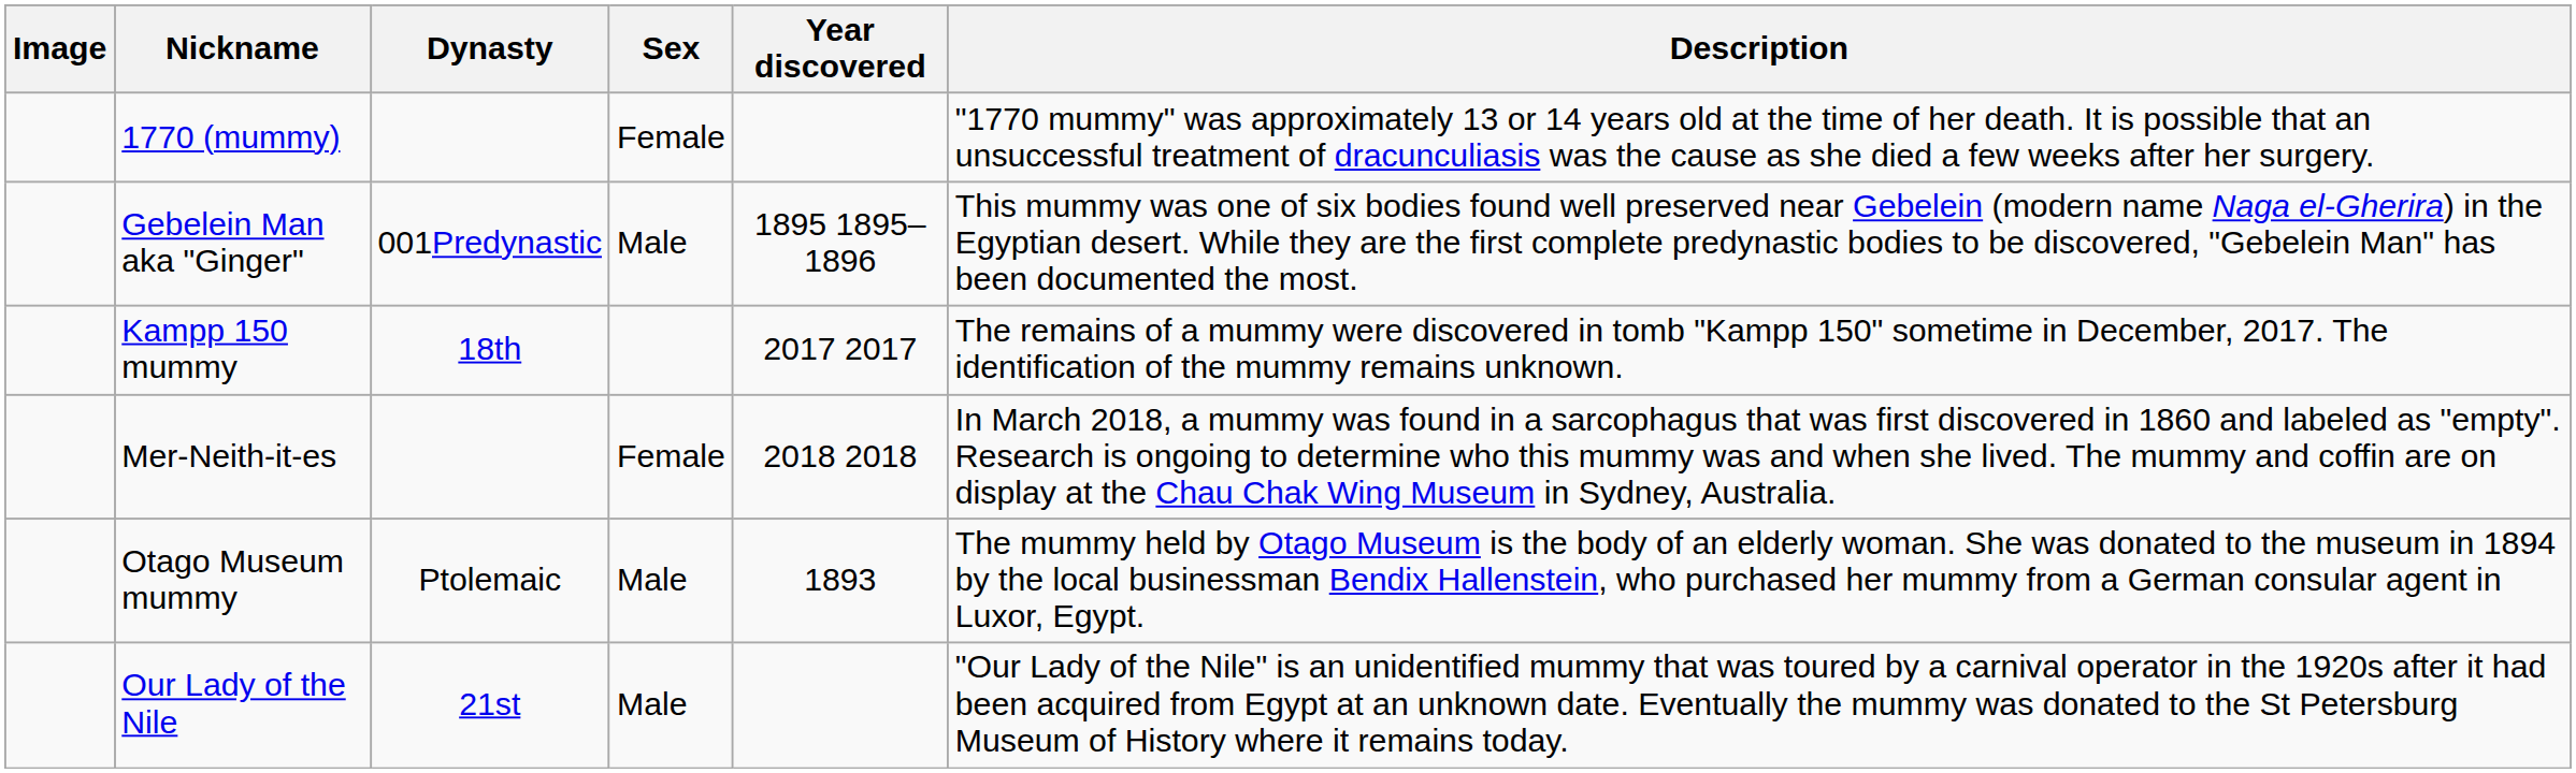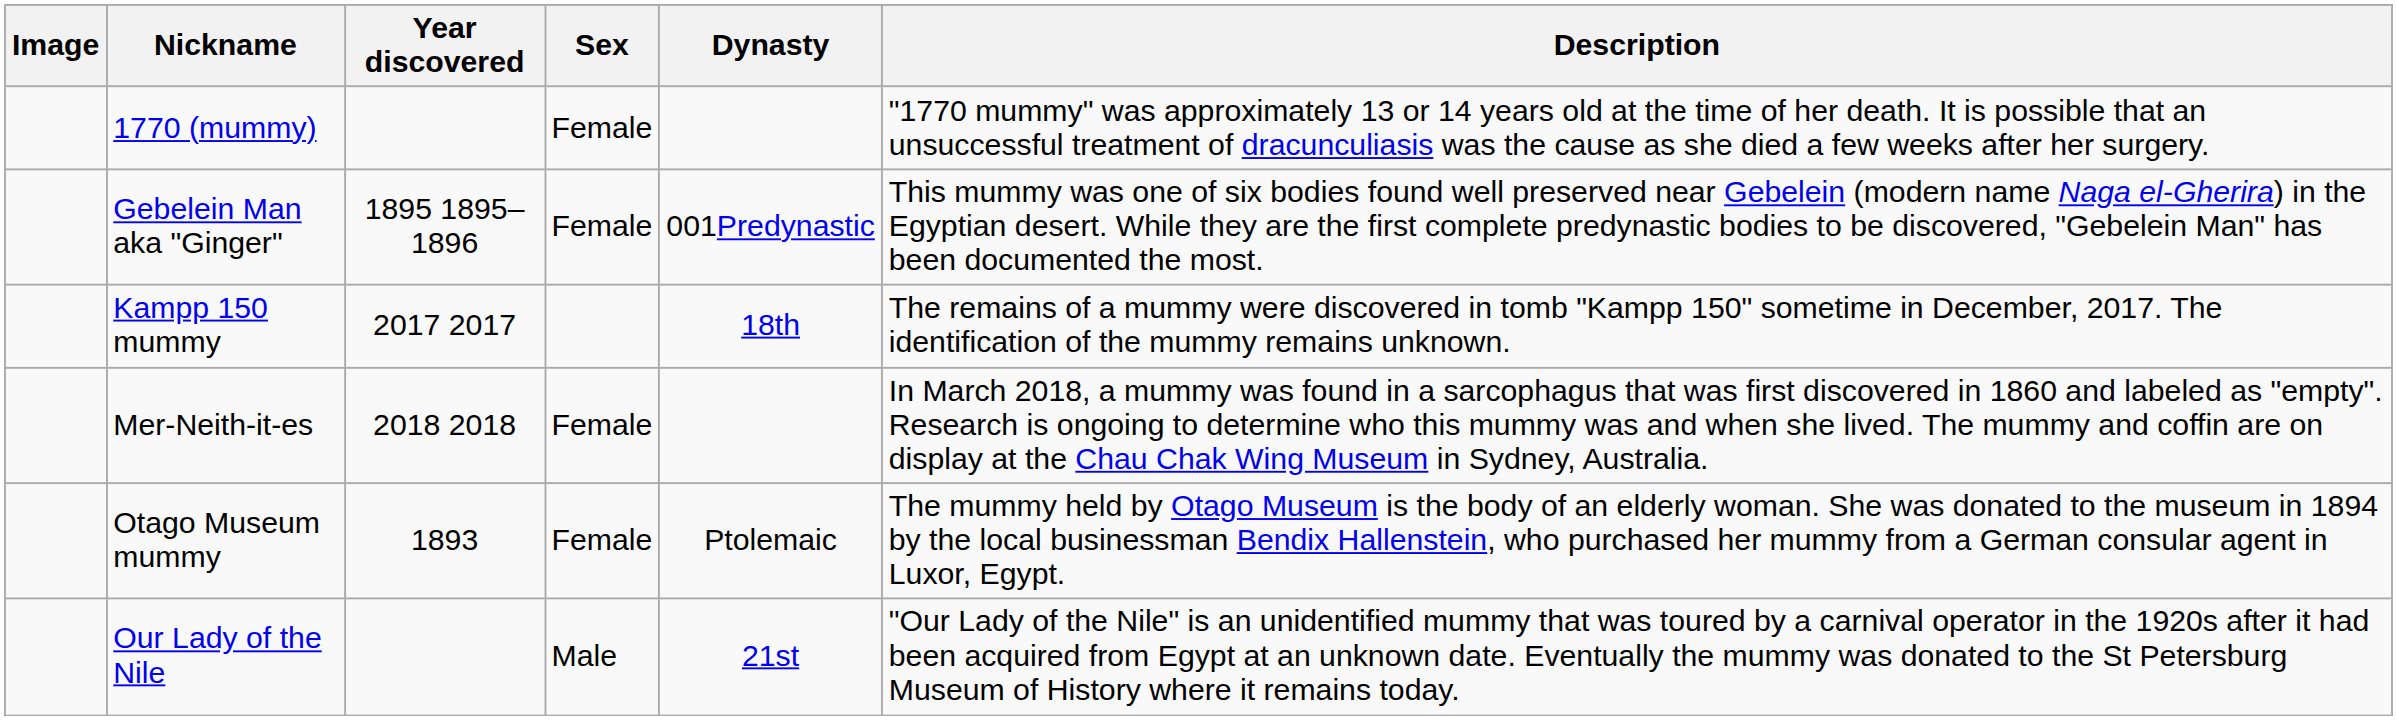 <table class="wikitable sortable" style="width: 100%;">
 <tr>
 <th scope="col" class="unsortable">Image</th>
 <th scope="col">Nickname</th>
+<th scope="col">Year discovered</th>
+<th scope="col">Sex</th>
 <th scope="col">Dynasty</th>
-<th scope="col">Sex</th>
-<th scope="col">Year discovered</th>
 <th scope="col" class="unsortable">Description </th>
 </tr>
 <tr>
 <td></td>
 <td><a href='#'>1770 (mummy)</a></td>
 <td></td>
 <td>Female</td>
 <td></td>
 <td>"1770 mummy" was approximately 13 or 14 years old at the time of her death. It is possible that an unsuccessful treatment of <a href='#'>dracunculiasis</a> was the cause as she died a few weeks after her surgery.</td>
 </tr>
 <tr>
 <td></td>
 <td><a href='#'>Gebelein Man</a> aka "Ginger"</td>
+<td style="text-align: center;"><span>1895</span> 1895–1896</td>
+<td>Female</td>
 <td style="text-align: center;"><span>001</span><a href='#'>Predynastic</a></td>
-<td>Male</td>
-<td style="text-align: center;"><span>1895</span> 1895–1896</td>
 <td>This mummy was one of six bodies found well preserved near <a href='#'>Gebelein</a> (modern name <em><a href='#'>Naga el-Gherira</a></em>) in the Egyptian desert. While they are the first complete predynastic bodies to be discovered, "Gebelein Man" has been documented the most.</td>
 </tr>
 <tr>
 <td></td>
 <td><a href='#'>Kampp 150</a> mummy</td>
+<td style="text-align: center;"><span>2017</span> 2017</td>
+<td></td>
 <td style="text-align: center;"><a href='#'>18th</a></td>
-<td></td>
-<td style="text-align: center;"><span>2017</span> 2017</td>
 <td>The remains of a mummy were discovered in tomb "Kampp 150" sometime in December, 2017. The identification of the mummy remains unknown.</td>
 </tr>
 <tr>
 <td></td>
 <td>Mer-Neith-it-es</td>
+<td style="text-align: center;"><span>2018</span> 2018</td>
+<td>Female</td>
 <td></td>
-<td>Female</td>
-<td style="text-align: center;"><span>2018</span> 2018</td>
 <td>In March 2018, a mummy was found in a sarcophagus that was first discovered in 1860 and labeled as "empty". Research is ongoing to determine who this mummy was and when she lived. The mummy and coffin are on display at the <a href='#'>Chau Chak Wing Museum</a> in Sydney, Australia.</td>
 </tr>
 <tr>
 <td></td>
 <td>Otago Museum mummy</td>
+<td style="text-align: center;">1893</td>
+<td>Female</td>
 <td style="text-align: center;">Ptolemaic</td>
-<td>Male</td>
-<td style="text-align: center;">1893</td>
 <td>The mummy held by <a href='#'>Otago Museum</a> is the body of an elderly woman. She was donated to the museum in 1894 by the local businessman <a href='#'>Bendix Hallenstein</a>, who purchased her mummy from a German consular agent in Luxor, Egypt.</td>
 </tr>
 <tr>
 <td></td>
 <td><a href='#'>Our Lady of the Nile</a></td>
+<td></td>
+<td>Male</td>
 <td style="text-align: center;"><a href='#'>21st</a></td>
-<td>Male</td>
-<td></td>
 <td>"Our Lady of the Nile" is an unidentified mummy that was toured by a carnival operator in the 1920s after it had been acquired from Egypt at an unknown date. Eventually the mummy was donated to the St Petersburg Museum of History where it remains today.</td>
 </tr>
 </table>
